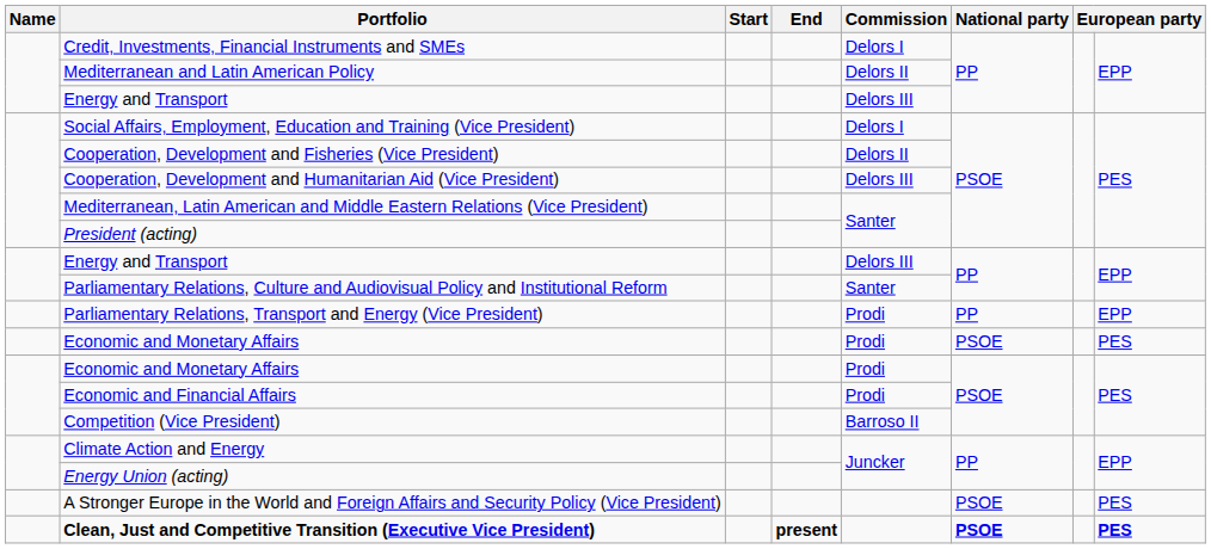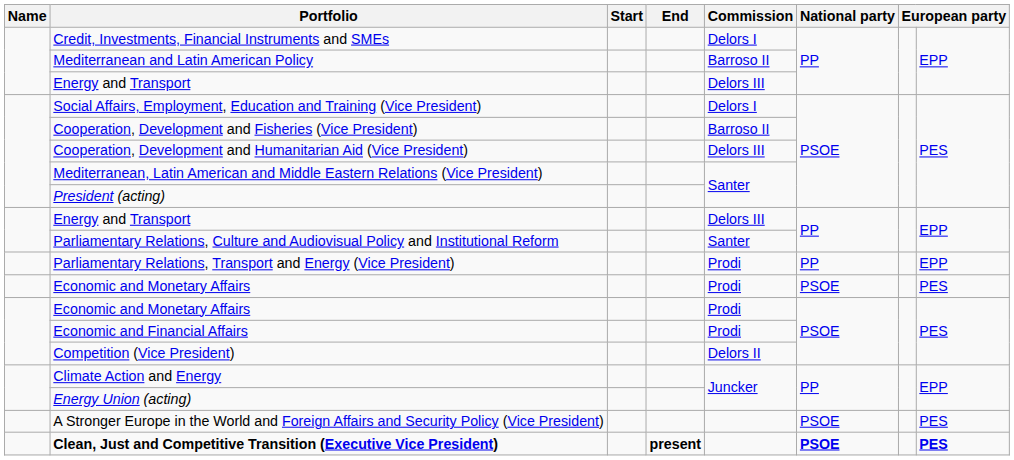 <table class="wikitable sortable" style="font-size: 90%;">
 <tr>
 <th>Name</th>
 <th>Portfolio</th>
 <th>Start</th>
 <th>End</th>
 <th>Commission</th>
 <th>National party</th>
 <th colspan=2>European party</th>
 </tr>
 <tr>
 <td rowspan=3></td>
 <td><a href='#'>Credit, Investments, Financial Instruments</a> and <a href='#'>SMEs</a></td>
 <td></td>
 <td></td>
 <td><a href='#'>Delors I</a></td>
 <td rowspan=3><a href='#'>PP</a></td>
 <td rowspan=3 style="background:"></td>
 <td rowspan=3><a href='#'>EPP</a></td>
 </tr>
 <tr>
 <td><a href='#'>Mediterranean and Latin American Policy</a></td>
 <td></td>
 <td></td>
-<td><a href='#'>Delors II</a></td>
+<td><a href='#'>Barroso II</a></td>
 </tr>
 <tr>
 <td><a href='#'>Energy</a> and <a href='#'>Transport</a></td>
 <td></td>
 <td></td>
 <td><a href='#'>Delors III</a></td>
 </tr>
 <tr>
 <td rowspan=5></td>
 <td><a href='#'>Social Affairs, Employment</a>, <a href='#'>Education and Training</a> (<a href='#'>Vice President</a>)</td>
 <td></td>
 <td></td>
 <td><a href='#'>Delors I</a></td>
 <td rowspan=5><a href='#'>PSOE</a></td>
 <td rowspan=5 style="background:"></td>
 <td rowspan=5><a href='#'>PES</a></td>
 </tr>
 <tr>
 <td><a href='#'>Cooperation</a>, <a href='#'>Development</a> and <a href='#'>Fisheries</a> (<a href='#'>Vice President</a>)</td>
 <td></td>
 <td></td>
-<td><a href='#'>Delors II</a></td>
+<td><a href='#'>Barroso II</a></td>
 </tr>
 <tr>
 <td><a href='#'>Cooperation</a>, <a href='#'>Development</a> and <a href='#'>Humanitarian Aid</a> (<a href='#'>Vice President</a>)</td>
 <td></td>
 <td></td>
 <td><a href='#'>Delors III</a></td>
 </tr>
 <tr>
 <td><a href='#'>Mediterranean, Latin American and Middle Eastern Relations</a> (<a href='#'>Vice President</a>)</td>
 <td></td>
 <td></td>
 <td rowspan=2><a href='#'>Santer</a></td>
 </tr>
 <tr>
 <td><em><a href='#'>President</a> (acting)</em></td>
 <td><em></em></td>
 <td><em></em></td>
 </tr>
 <tr>
 <td rowspan=2></td>
 <td><a href='#'>Energy</a> and <a href='#'>Transport</a></td>
 <td></td>
 <td></td>
 <td><a href='#'>Delors III</a></td>
 <td rowspan=2><a href='#'>PP</a></td>
 <td rowspan=2 style="background:"></td>
 <td rowspan=2><a href='#'>EPP</a></td>
 </tr>
 <tr>
 <td><a href='#'>Parliamentary Relations</a>, <a href='#'>Culture and Audiovisual Policy</a> and <a href='#'>Institutional Reform</a></td>
 <td></td>
 <td></td>
 <td><a href='#'>Santer</a></td>
 </tr>
 <tr>
 <td></td>
 <td><a href='#'>Parliamentary Relations</a>, <a href='#'>Transport</a> and <a href='#'>Energy</a> (<a href='#'>Vice President</a>)</td>
 <td></td>
 <td></td>
 <td><a href='#'>Prodi</a></td>
 <td><a href='#'>PP</a></td>
 <td style="background:"></td>
 <td><a href='#'>EPP</a></td>
 </tr>
 <tr>
 <td></td>
 <td><a href='#'>Economic and Monetary Affairs</a></td>
 <td></td>
 <td></td>
 <td><a href='#'>Prodi</a></td>
 <td><a href='#'>PSOE</a></td>
 <td style="background:"></td>
 <td><a href='#'>PES</a></td>
 </tr>
 <tr>
 <td rowspan=3></td>
 <td><a href='#'>Economic and Monetary Affairs</a></td>
 <td></td>
 <td></td>
 <td><a href='#'>Prodi</a></td>
 <td rowspan=3><a href='#'>PSOE</a></td>
 <td rowspan=3 style="background:"></td>
 <td rowspan=3><a href='#'>PES</a></td>
 </tr>
 <tr>
 <td><a href='#'>Economic and Financial Affairs</a></td>
 <td></td>
 <td></td>
 <td><a href='#'>Prodi</a></td>
 </tr>
 <tr>
 <td><a href='#'>Competition</a> (<a href='#'>Vice President</a>)</td>
 <td></td>
 <td></td>
-<td><a href='#'>Barroso II</a></td>
+<td><a href='#'>Delors II</a></td>
 </tr>
 <tr>
 <td rowspan=2></td>
 <td><a href='#'>Climate Action</a> and <a href='#'>Energy</a></td>
 <td></td>
 <td></td>
 <td rowspan=2><a href='#'>Juncker</a></td>
 <td rowspan=2><a href='#'>PP</a></td>
 <td rowspan=2 style="background:"></td>
 <td rowspan=2><a href='#'>EPP</a></td>
 </tr>
 <tr>
 <td><em><a href='#'>Energy Union</a> (acting)</em></td>
 <td><em></em></td>
 <td><em></em></td>
 </tr>
 <tr>
 <td></td>
 <td>A Stronger Europe in the World and <a href='#'>Foreign Affairs and Security Policy</a> (<a href='#'>Vice President</a>)</td>
 <td></td>
 <td></td>
 <td></td>
 <td><a href='#'>PSOE</a></td>
 <td style="background:"></td>
 <td><a href='#'>PES</a></td>
 </tr>
 <tr>
 <td><strong></strong></td>
 <td><strong>Clean, Just and Competitive Transition (<a href='#'>Executive Vice President</a>)</strong></td>
 <td><strong></strong></td>
 <td><strong>present</strong></td>
 <td><strong></strong></td>
 <td><strong><a href='#'>PSOE</a></strong></td>
 <td style="background:"></td>
 <td><strong><a href='#'>PES</a></strong></td>
 </tr>
 </table>
